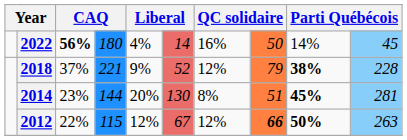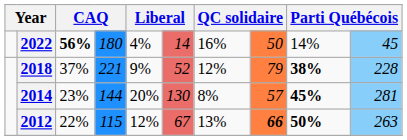 <table class="wikitable" style="width:400; font-size:90%; margin-left:1em;">
 <tr>
 <th colspan="2" scope="col">Year</th>
 <th colspan="2" scope="col"><a href='#'>CAQ</a></th>
 <th colspan="2" scope="col"><a href='#'>Liberal</a></th>
 <th colspan="2" scope="col"><a href='#'>QC solidaire</a></th>
 <th colspan="2" scope="col"><a href='#'>Parti Québécois</a></th>
 </tr>
 <tr>
 <td style="width: 0.25em; background-color: "></td>
 <th><a href='#'>2022</a></th>
 <td><strong>56%</strong></td>
 <td style="text-align:right; background:#1E90FF;"><em>180</em></td>
 <td>4%</td>
 <td style="text-align:right; background:#EA6D6A;"><em>14</em></td>
 <td>16%</td>
 <td style="text-align:right; background:#FF8040;"><em>50</em></td>
 <td>14%</td>
 <td style="text-align:right; background:#87CEFA;"><em>45</em></td>
 </tr>
 <tr>
 <td rowspan="3" style="width: 0.25em; background-color: "></td>
 <th><a href='#'>2018</a></th>
 <td>37%</td>
 <td style="text-align:right; background:#1E90FF;"><em>221</em></td>
 <td>9%</td>
 <td style="text-align:right; background:#EA6D6A;"><em>52</em></td>
 <td>12%</td>
 <td style="text-align:right; background:#FF8040;"><em>79</em></td>
 <td><strong>38%</strong></td>
 <td style="text-align:right; background:#87CEFA;"><em>228</em></td>
 </tr>
 <tr>
 <th><a href='#'>2014</a></th>
 <td>23%</td>
 <td style="text-align:right; background:#1E90FF;"><em>144</em></td>
 <td>20%</td>
 <td style="text-align:right; background:#EA6D6A;"><em>130</em></td>
 <td>8%</td>
-<td style="text-align:right; background:#FF8040;"><em>51</em></td>
+<td style="text-align:right; background:#FF8040;"><em>57</em></td>
 <td><strong>45%</strong></td>
 <td style="text-align:right; background:#87CEFA;"><em>281</em></td>
 </tr>
 <tr>
 <th><a href='#'>2012</a></th>
 <td>22%</td>
 <td style="text-align:right; background:#1E90FF;"><em>115</em></td>
 <td>12%</td>
 <td style="text-align:right; background:#EA6D6A;"><em>67</em></td>
-<td>12%</td>
+<td>13%</td>
 <td style="text-align:right; background:#FF8040;"><strong><em>66</em></strong></td>
 <td><strong>50%</strong></td>
 <td style="text-align:right; background:#87CEFA;"><em>263</em></td>
 </tr>
 <tr>
 </tr>
 </table>
